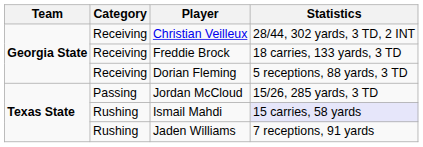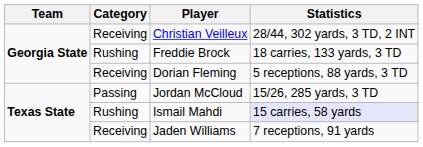 <table class="wikitable" style="float: right;">
 <tr>
 <th>Team</th>
 <th>Category</th>
 <th>Player</th>
 <th>Statistics</th>
 </tr>
 <tr>
 <td rowspan=3><strong>Georgia State</strong></td>
 <td>Receiving</td>
 <td><a href='#'>Christian Veilleux</a></td>
 <td>28/44, 302 yards, 3 TD, 2 INT</td>
 </tr>
 <tr>
-<td>Receiving</td>
+<td>Rushing</td>
 <td>Freddie Brock</td>
 <td>18 carries, 133 yards, 3 TD</td>
 </tr>
 <tr>
 <td>Receiving</td>
 <td>Dorian Fleming</td>
 <td>5 receptions, 88 yards, 3 TD</td>
 </tr>
 <tr>
 <td rowspan=3><strong>Texas State</strong></td>
 <td>Passing</td>
 <td>Jordan McCloud</td>
 <td>15/26, 285 yards, 3 TD</td>
 </tr>
 <tr>
 <td>Rushing</td>
 <td>Ismail Mahdi</td>
 <td style="background: lavender;">15 carries, 58 yards</td>
 </tr>
 <tr>
-<td>Rushing</td>
+<td>Receiving</td>
 <td>Jaden Williams</td>
 <td>7 receptions, 91 yards</td>
 </tr>
 </table>
